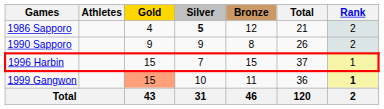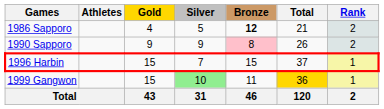 <table class="wikitable" style="text-align:center; font-size:90%;">
 <tr>
 <th>Games</th>
 <th>Athletes</th>
 <td style="background:gold; width:4.5em; font-weight:bold;">Gold</td>
 <td style="background:silver; width:4.5em; font-weight:bold;">Silver</td>
 <td style="background:#c96; width:4.5em; font-weight:bold;">Bronze</td>
 <th style="width:4.5em; font-weight:bold;">Total</th>
 <th style="width:4.5em; font-weight:bold;"><a href='#'>Rank</a></th>
 </tr>
 <tr>
 <td align=left> <a href='#'>1986 Sapporo</a></td>
 <td></td>
 <td>4</td>
-<td><strong>5</strong></td>
-<td>12</td>
+<td>5</td>
+<td><strong>12</strong></td>
 <td>21</td>
 <td bgcolor=dce5e5>2</td>
 </tr>
 <tr>
 <td align=left> <a href='#'>1990 Sapporo</a></td>
 <td></td>
 <td>9</td>
 <td>9</td>
-<td>8</td>
+<td style="background: pink;">8</td>
 <td>26</td>
 <td bgcolor=dce5e5>2</td>
 </tr>
 <tr style="border: 3px solid red">
 <td align=left> <a href='#'>1996 Harbin</a></td>
 <td></td>
 <td>15</td>
 <td>7</td>
 <td>15</td>
 <td>37</td>
 <td bgcolor=f7f6a8>1</td>
 </tr>
 <tr>
 <td align=left> <a href='#'>1999 Gangwon</a></td>
 <td></td>
-<td style="background: lightsalmon;">15</td>
-<td>10</td>
+<td>15</td>
+<td style="background: lightgreen;">10</td>
 <td>11</td>
-<td>36</td>
-<td bgcolor=f7f6a8><strong>1</strong></td>
+<td style="background: gold;">36</td>
+<td bgcolor=f7f6a8>1</td>
 </tr>
 <tr>
 <th colspan=2>Total</th>
 <th>43</th>
 <th>31</th>
 <th>46</th>
 <th>120</th>
 <th>2</th>
 </tr>
 </table>
